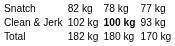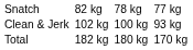 <table>
 <tr>
 <td>Snatch</td>
 <td></td>
 <td>82 kg</td>
 <td></td>
 <td>78 kg</td>
 <td></td>
 <td>77 kg</td>
 </tr>
 <tr>
 <td>Clean & Jerk</td>
 <td></td>
 <td>102 kg</td>
 <td></td>
-<td><strong>100 kg</strong></td>
+<td>100 kg</td>
 <td></td>
 <td>93 kg</td>
 </tr>
 <tr>
 <td>Total</td>
 <td></td>
 <td>182 kg</td>
 <td></td>
 <td>180 kg</td>
 <td></td>
 <td>170 kg</td>
 </tr>
 </table>
